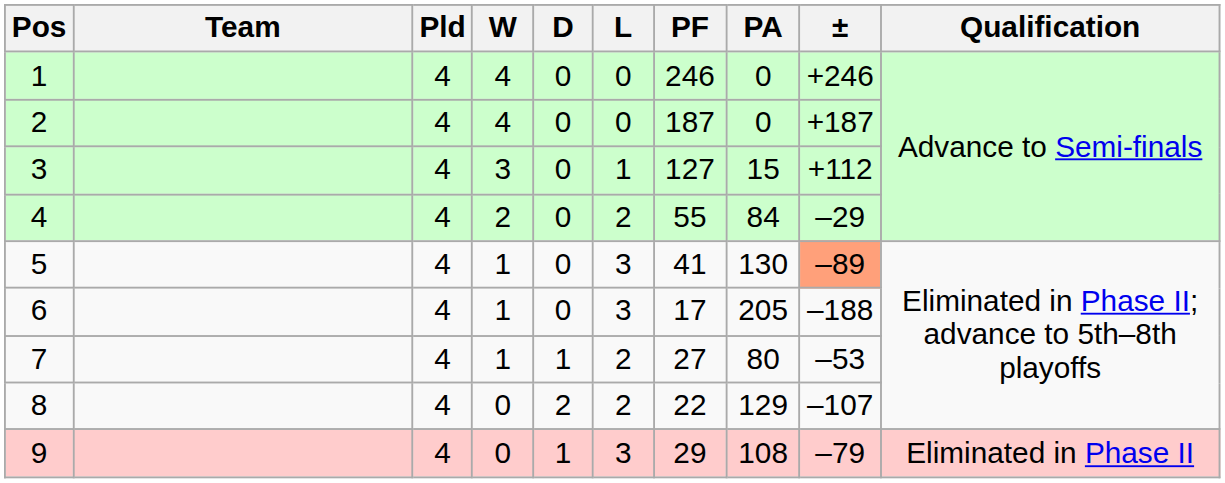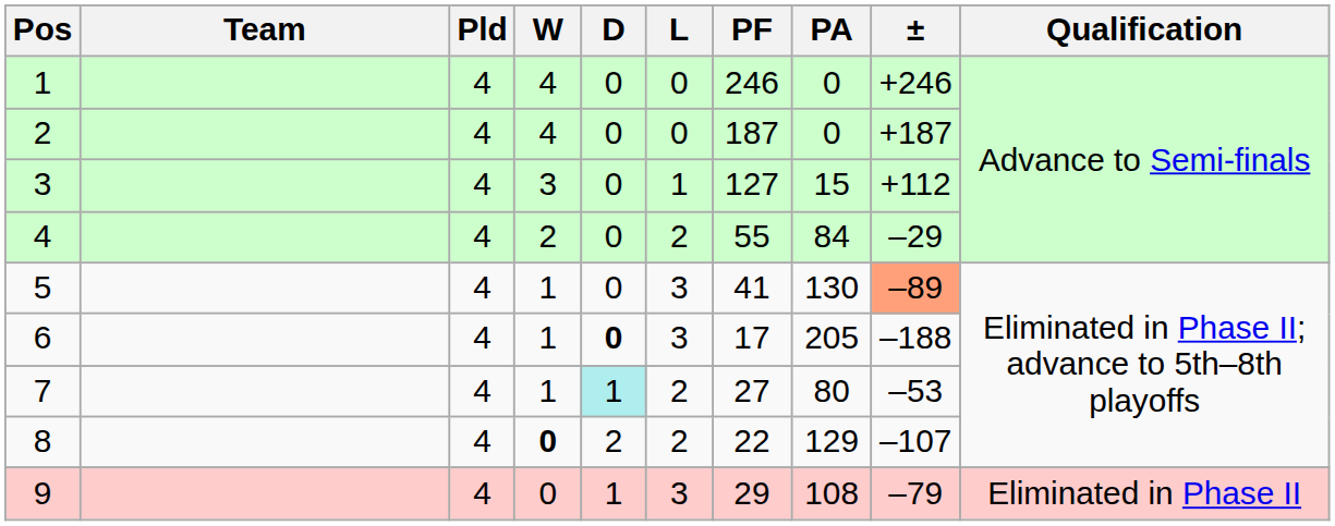 <table class="wikitable" style="text-align:center;">
 <tr>
 <th width=25 abbr="Position">Pos</th>
 <th width=175>Team</th>
 <th width=25 abbr="Played">Pld</th>
 <th width=25 abbr="Won">W</th>
 <th width=25 abbr="Drawn">D</th>
 <th width=25 abbr="Lost">L</th>
 <th width=32 abbr="Points for">PF</th>
 <th width=32 abbr="Points against">PA</th>
 <th width=32 abbr="Points difference">±</th>
 <th width=175>Qualification</th>
 </tr>
 <tr bgcolor=ccffcc>
 <td>1</td>
 <td align=left></td>
 <td>4</td>
 <td>4</td>
 <td>0</td>
 <td>0</td>
 <td>246</td>
 <td>0</td>
 <td>+246</td>
 <td rowspan=4>Advance to <a href='#'>Semi-finals</a></td>
 </tr>
 <tr bgcolor=ccffcc>
 <td>2</td>
 <td align=left></td>
 <td>4</td>
 <td>4</td>
 <td>0</td>
 <td>0</td>
 <td>187</td>
 <td>0</td>
 <td>+187</td>
 </tr>
 <tr bgcolor=ccffcc>
 <td>3</td>
 <td align=left></td>
 <td>4</td>
 <td>3</td>
 <td>0</td>
 <td>1</td>
 <td>127</td>
 <td>15</td>
 <td>+112</td>
 </tr>
 <tr bgcolor=ccffcc>
 <td>4</td>
 <td align=left></td>
 <td>4</td>
 <td>2</td>
 <td>0</td>
 <td>2</td>
 <td>55</td>
 <td>84</td>
 <td>–29</td>
 </tr>
 <tr>
 <td>5</td>
 <td align=left></td>
 <td>4</td>
 <td>1</td>
 <td>0</td>
 <td>3</td>
 <td>41</td>
 <td>130</td>
 <td style="background: lightsalmon;">–89</td>
 <td rowspan=4>Eliminated in <a href='#'>Phase II</a>; advance to 5th–8th playoffs</td>
 </tr>
 <tr>
 <td>6</td>
 <td align=left></td>
 <td>4</td>
 <td>1</td>
-<td>0</td>
+<td><strong>0</strong></td>
 <td>3</td>
 <td>17</td>
 <td>205</td>
 <td>–188</td>
 </tr>
 <tr>
 <td>7</td>
 <td align=left></td>
 <td>4</td>
 <td>1</td>
-<td>1</td>
+<td style="background: paleturquoise;">1</td>
 <td>2</td>
 <td>27</td>
 <td>80</td>
 <td>–53</td>
 </tr>
 <tr>
 <td>8</td>
 <td align=left></td>
 <td>4</td>
-<td>0</td>
+<td><strong>0</strong></td>
 <td>2</td>
 <td>2</td>
 <td>22</td>
 <td>129</td>
 <td>–107</td>
 </tr>
 <tr bgcolor=#fcc>
 <td>9</td>
 <td align=left></td>
 <td>4</td>
 <td>0</td>
 <td>1</td>
 <td>3</td>
 <td>29</td>
 <td>108</td>
 <td>–79</td>
 <td>Eliminated in <a href='#'>Phase II</a></td>
 </tr>
 </table>
